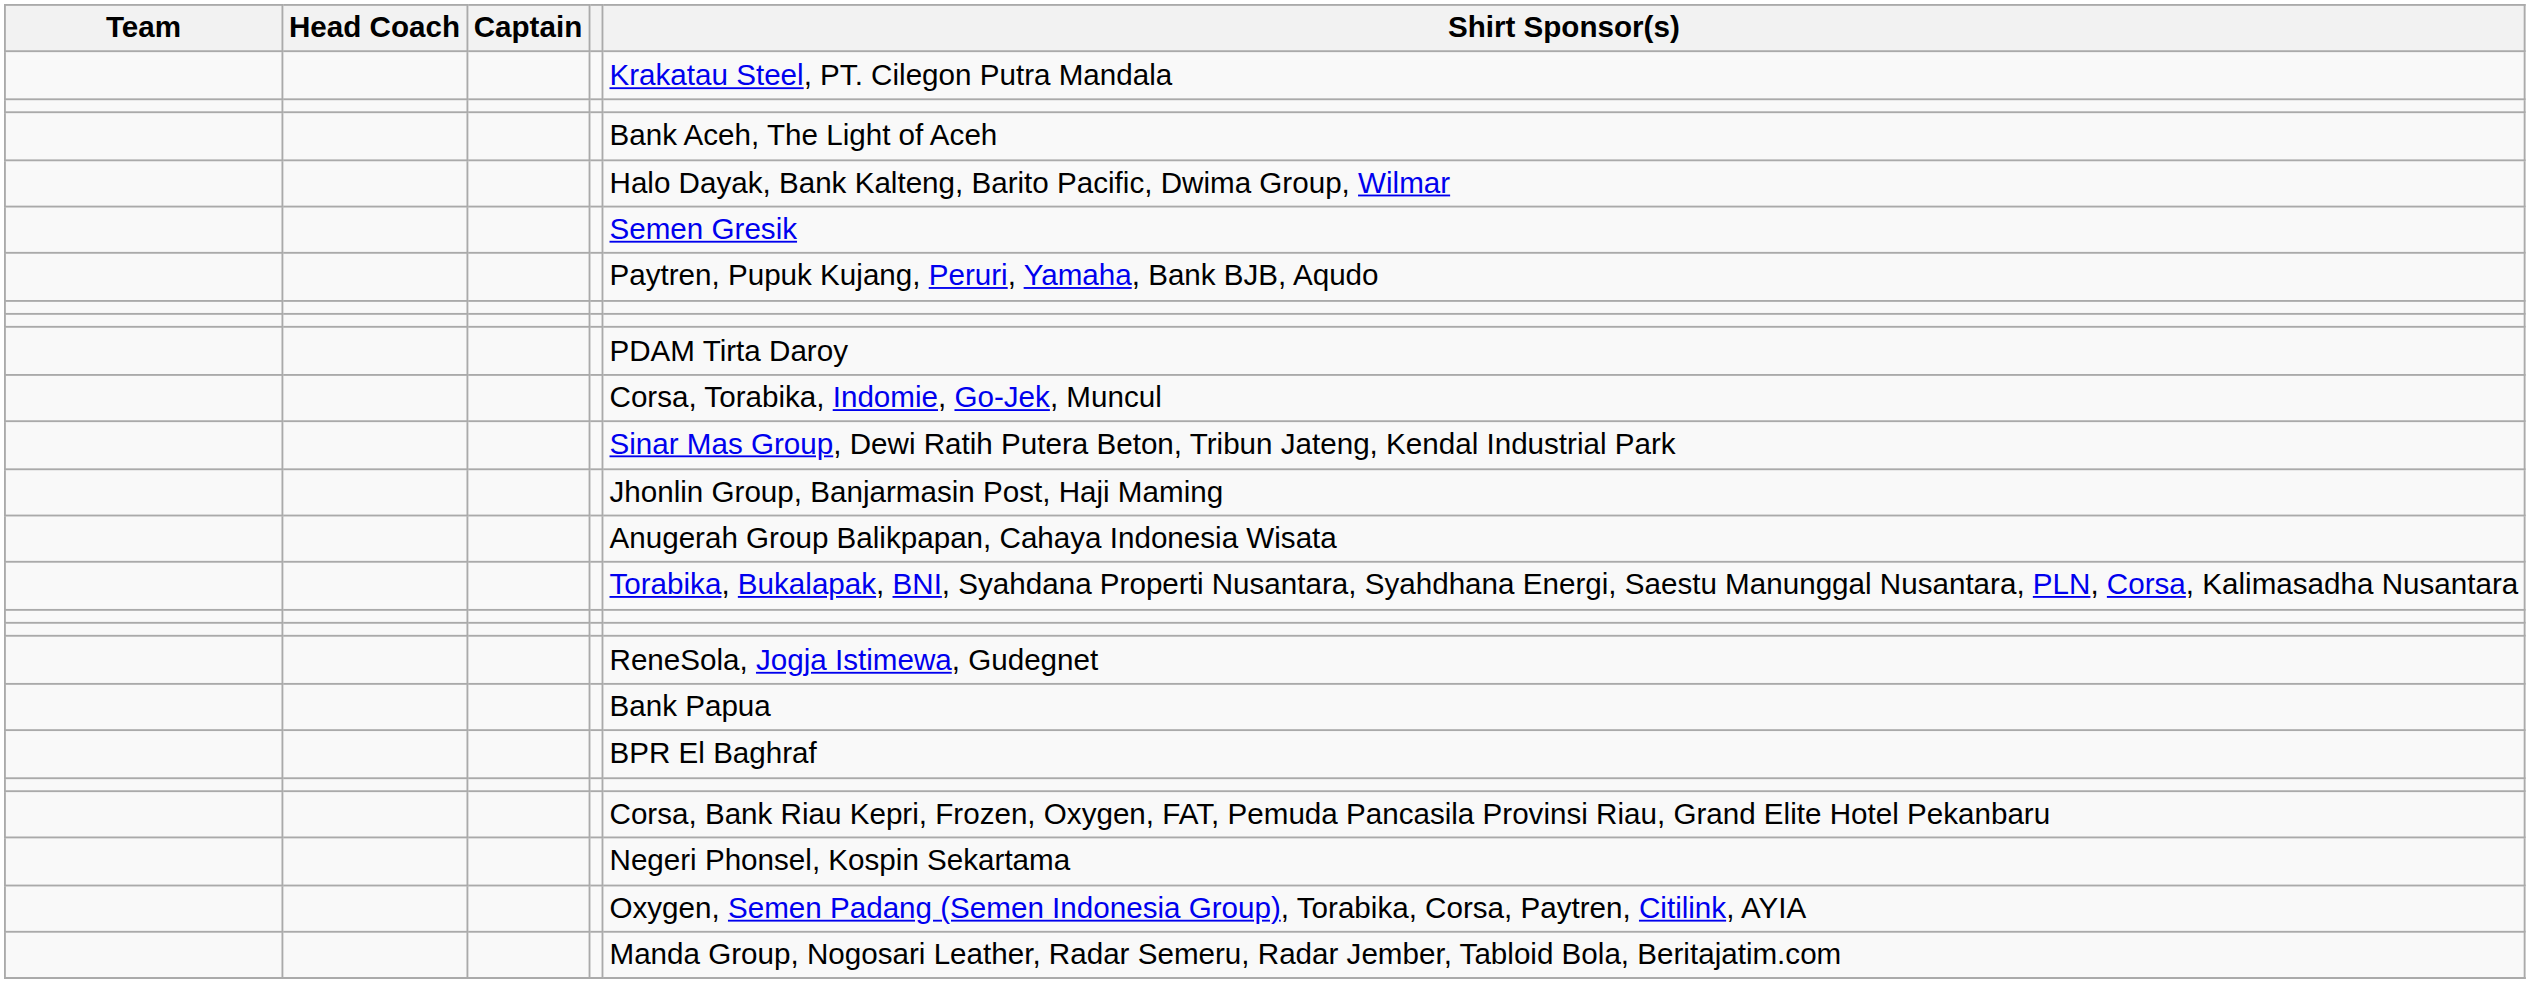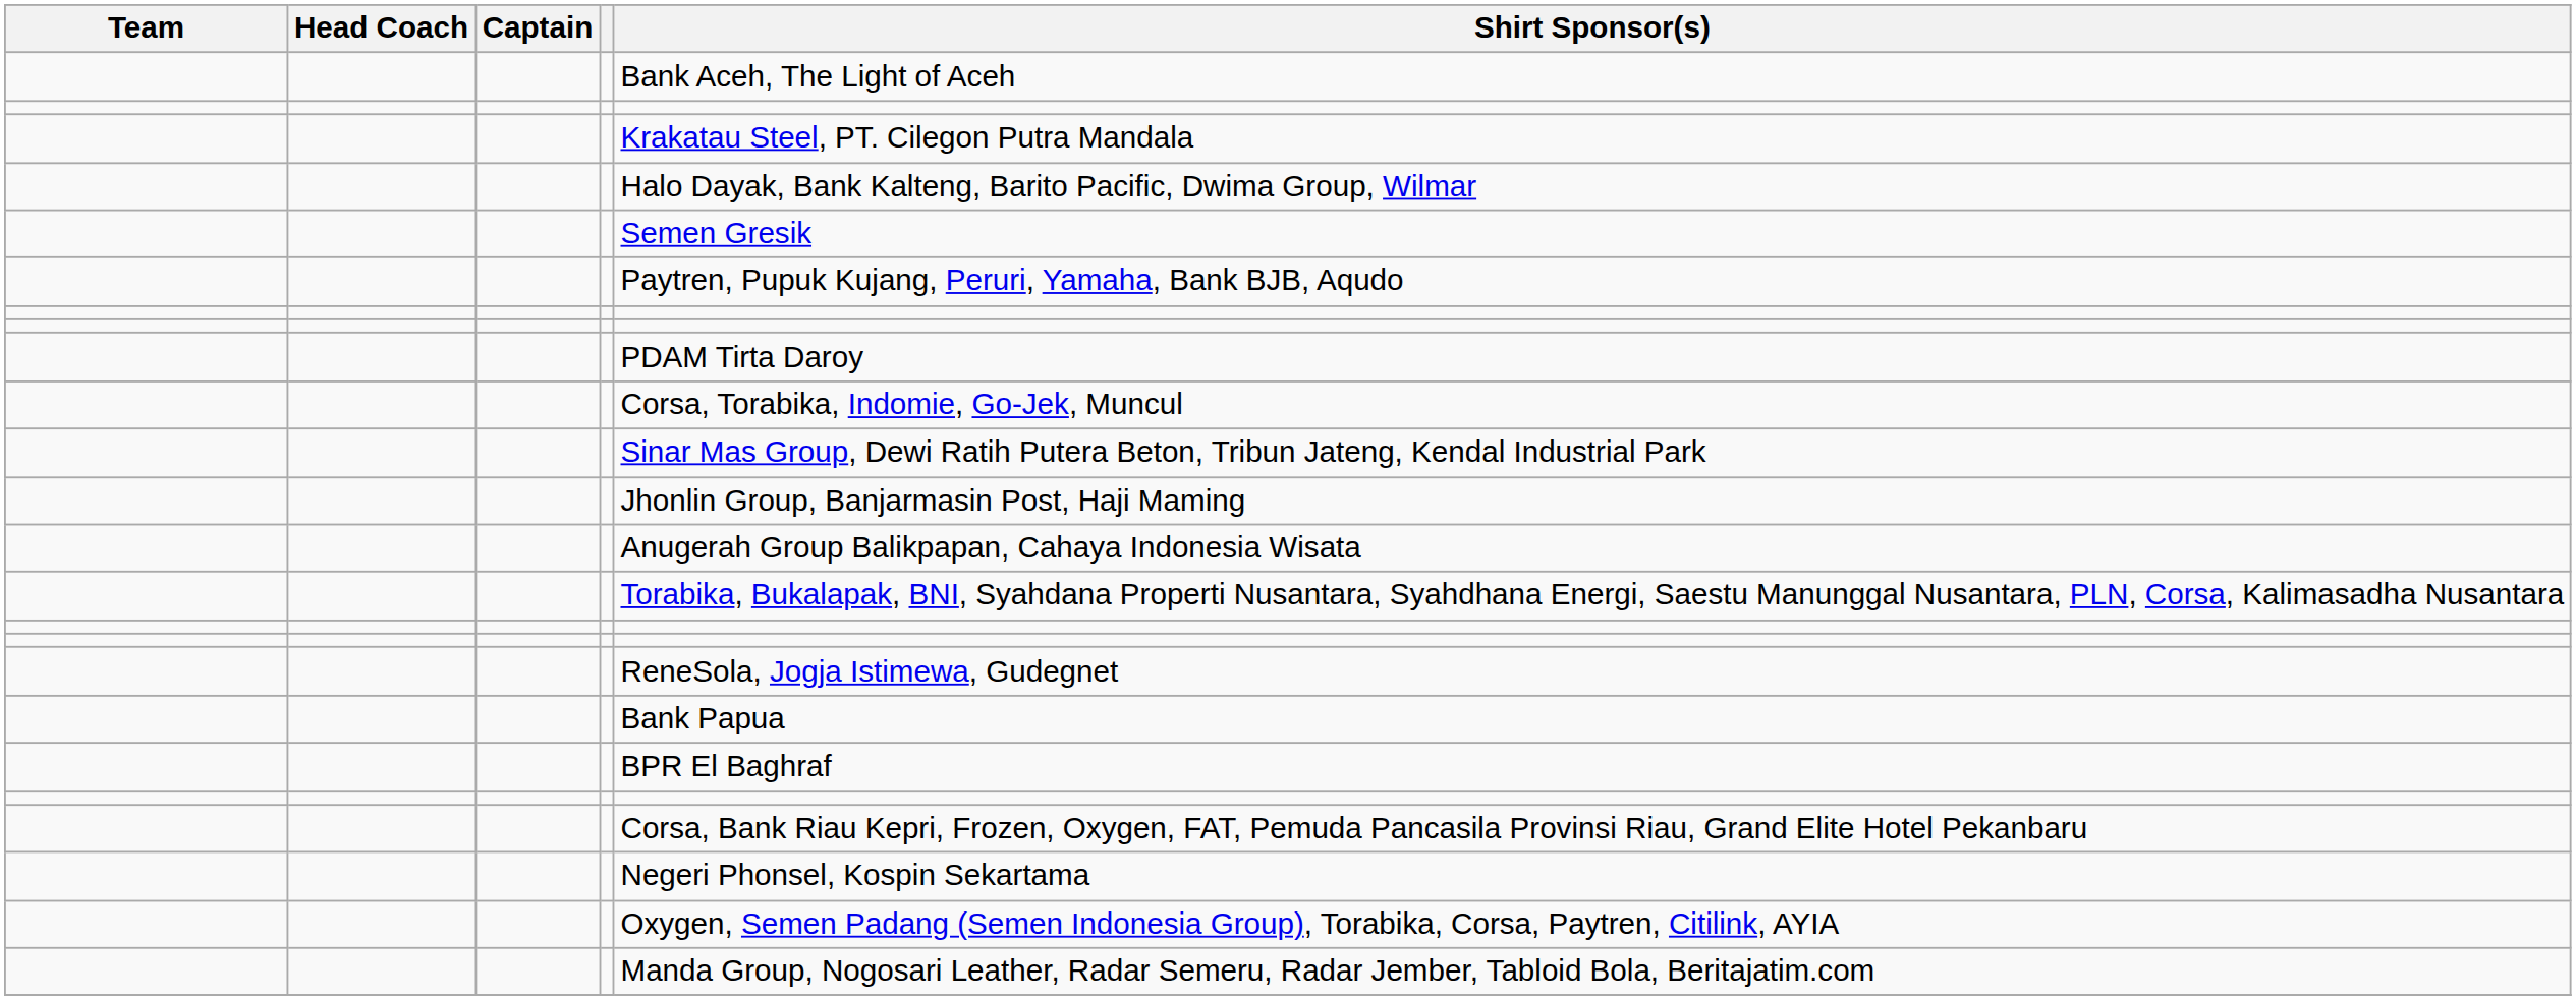 <table class="wikitable sortable">
 <tr>
 <th style="width: 11%;">Team</th>
 <th>Head Coach</th>
 <th>Captain</th>
 <th></th>
 <th class=unsortable>Shirt Sponsor(s)</th>
 </tr>
 <tr>
 <td></td>
 <td></td>
 <td></td>
 <td></td>
-<td><a href='#'>Krakatau Steel</a>, PT. Cilegon Putra Mandala</td>
+<td>Bank Aceh, The Light of Aceh</td>
 </tr>
 <tr>
 <td></td>
 <td></td>
 <td></td>
 <td></td>
 <td></td>
 </tr>
 <tr>
 <td></td>
 <td></td>
 <td></td>
 <td></td>
-<td>Bank Aceh, The Light of Aceh</td>
+<td><a href='#'>Krakatau Steel</a>, PT. Cilegon Putra Mandala</td>
 </tr>
 <tr>
 <td></td>
 <td></td>
 <td></td>
 <td></td>
 <td>Halo Dayak, Bank Kalteng, Barito Pacific, Dwima Group, <a href='#'>Wilmar</a></td>
 </tr>
 <tr>
 <td></td>
 <td></td>
 <td></td>
 <td></td>
 <td><a href='#'>Semen Gresik</a></td>
 </tr>
 <tr>
 <td></td>
 <td></td>
 <td></td>
 <td></td>
 <td>Paytren, Pupuk Kujang, <a href='#'>Peruri</a>, <a href='#'>Yamaha</a>, Bank BJB, Aqudo</td>
 </tr>
 <tr>
 <td></td>
 <td></td>
 <td></td>
 <td></td>
 <td></td>
 </tr>
 <tr>
 <td></td>
 <td></td>
 <td></td>
 <td></td>
 <td></td>
 </tr>
 <tr>
 <td></td>
 <td></td>
 <td></td>
 <td></td>
 <td>PDAM Tirta Daroy</td>
 </tr>
 <tr>
 <td></td>
 <td></td>
 <td></td>
 <td></td>
 <td>Corsa, Torabika, <a href='#'>Indomie</a>, <a href='#'>Go-Jek</a>, Muncul</td>
 </tr>
 <tr>
 <td></td>
 <td></td>
 <td></td>
 <td></td>
 <td><a href='#'>Sinar Mas Group</a>, Dewi Ratih Putera Beton, Tribun Jateng, Kendal Industrial Park</td>
 </tr>
 <tr>
 <td></td>
 <td></td>
 <td></td>
 <td></td>
 <td>Jhonlin Group, Banjarmasin Post, Haji Maming</td>
 </tr>
 <tr>
 <td></td>
 <td></td>
 <td></td>
 <td></td>
 <td>Anugerah Group Balikpapan, Cahaya Indonesia Wisata</td>
 </tr>
 <tr>
 <td></td>
 <td></td>
 <td></td>
 <td></td>
 <td><a href='#'>Torabika</a>, <a href='#'>Bukalapak</a>, <a href='#'>BNI</a>, Syahdana Properti Nusantara, Syahdhana Energi, Saestu Manunggal Nusantara, <a href='#'>PLN</a>, <a href='#'>Corsa</a>, Kalimasadha Nusantara</td>
 </tr>
 <tr>
 <td></td>
 <td></td>
 <td></td>
 <td></td>
 <td></td>
 </tr>
 <tr>
 <td></td>
 <td></td>
 <td></td>
 <td></td>
 <td></td>
 </tr>
 <tr>
 <td></td>
 <td></td>
 <td></td>
 <td></td>
 <td>ReneSola, <a href='#'>Jogja Istimewa</a>, Gudegnet</td>
 </tr>
 <tr>
 <td></td>
 <td></td>
 <td></td>
 <td></td>
 <td>Bank Papua</td>
 </tr>
 <tr>
 <td></td>
 <td></td>
 <td></td>
 <td></td>
 <td>BPR El Baghraf</td>
 </tr>
 <tr>
 <td></td>
 <td></td>
 <td></td>
 <td></td>
 <td></td>
 </tr>
 <tr>
 <td></td>
 <td></td>
 <td></td>
 <td></td>
 <td>Corsa, Bank Riau Kepri, Frozen, Oxygen, FAT, Pemuda Pancasila Provinsi Riau, Grand Elite Hotel Pekanbaru</td>
 </tr>
 <tr>
 <td></td>
 <td></td>
 <td></td>
 <td></td>
 <td>Negeri Phonsel, Kospin Sekartama</td>
 </tr>
 <tr>
 <td></td>
 <td></td>
 <td></td>
 <td></td>
 <td>Oxygen, <a href='#'>Semen Padang (Semen Indonesia Group)</a>, Torabika, Corsa, Paytren, <a href='#'>Citilink</a>, AYIA</td>
 </tr>
 <tr>
 <td></td>
 <td></td>
 <td></td>
 <td></td>
 <td>Manda Group, Nogosari Leather, Radar Semeru, Radar Jember, Tabloid Bola, Beritajatim.com</td>
 </tr>
 <tr>
 </tr>
 </table>
